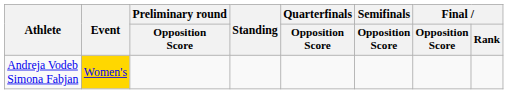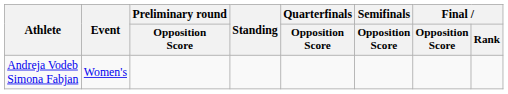 <table class=wikitable style="font-size:90%">
 <tr>
 <th rowspan=2>Athlete</th>
 <th rowspan=2>Event</th>
 <th>Preliminary round</th>
 <th rowspan=2>Standing</th>
 <th>Quarterfinals</th>
 <th>Semifinals</th>
 <th colspan=2>Final / </th>
 </tr>
 <tr style="font-size:95%">
 <th>Opposition<br>Score</th>
 <th>Opposition<br>Score</th>
 <th>Opposition<br>Score</th>
 <th>Opposition<br>Score</th>
 <th>Rank</th>
 </tr>
 <tr align=center>
 <td align=left><a href='#'>Andreja Vodeb</a><br><a href='#'>Simona Fabjan</a></td>
-<td align=left style="background: gold;"><a href='#'>Women's</a></td>
+<td align=left><a href='#'>Women's</a></td>
 <td></td>
 <td></td>
 <td></td>
 <td></td>
 <td></td>
 <td></td>
 </tr>
 </table>
